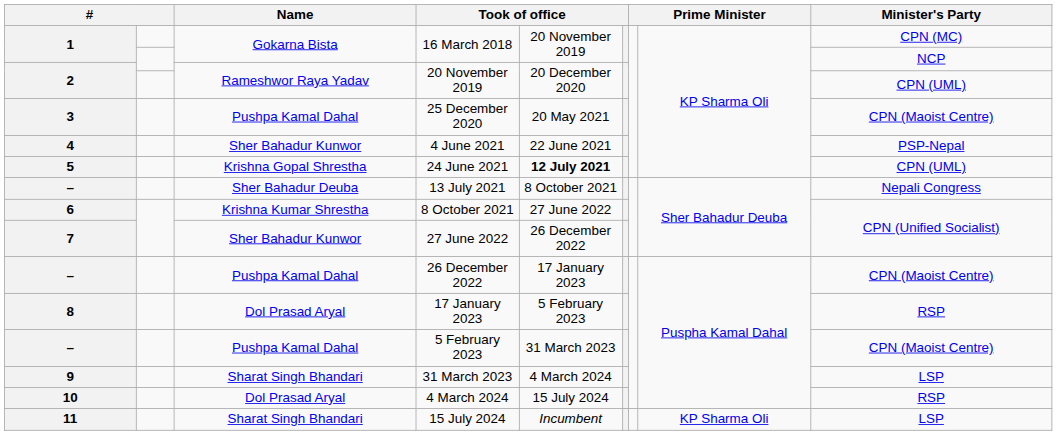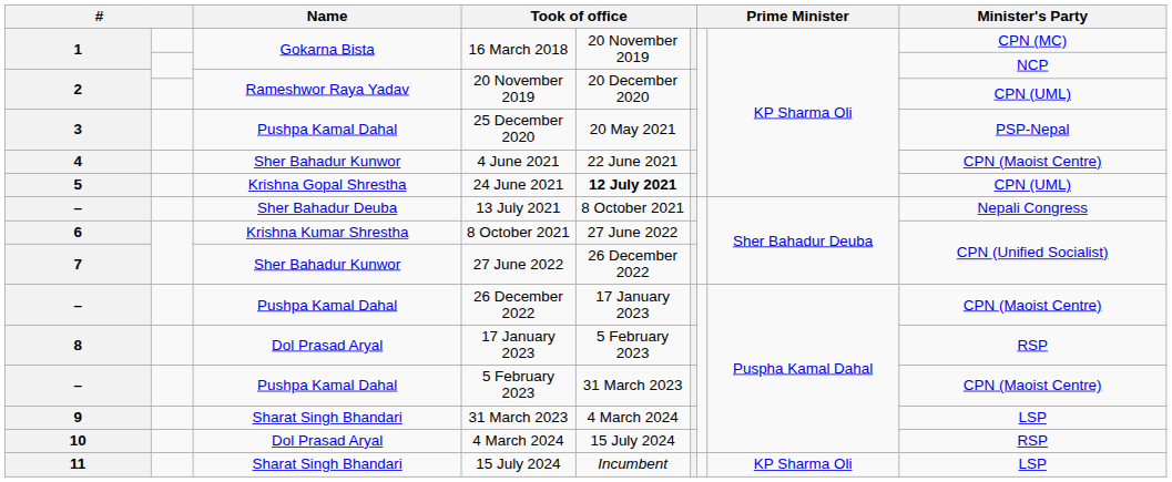 <table class="wikitable"  style="text-align:center">
 <tr>
 <th width=280px colspan="2">#</th>
 <th width=280px>Name</th>
 <th width=280px colspan="3">Took of office</th>
 <th width=280px colspan="2">Prime Minister</th>
 <th width=280px>Minister's Party</th>
 </tr>
 <tr>
 <th rowspan="2">1</th>
 <td style="background-color: "></td>
 <td rowspan="2"><a href='#'>Gokarna Bista</a><br></td>
 <td rowspan="2">16 March 2018</td>
 <td rowspan="2">20 November 2019</td>
 <th rowspan="2"></th>
 <td rowspan="7" style="background-color: "></td>
 <td rowspan="7"><a href='#'>KP Sharma Oli</a></td>
 <td><a href='#'>CPN (MC)</a></td>
 </tr>
 <tr>
 <td rowspan="2"></td>
 <td rowspan="2"><a href='#'>NCP</a></td>
 </tr>
 <tr>
 <th rowspan="2">2</th>
 <td rowspan="2"><a href='#'>Rameshwor Raya Yadav</a><br></td>
 <td rowspan="2">20 November 2019</td>
 <td rowspan="2">20 December 2020</td>
 <th rowspan="2"></th>
 </tr>
 <tr>
 <td style="background-color: "></td>
 <td><a href='#'>CPN (UML)</a></td>
 </tr>
 <tr>
 <th>3</th>
 <td style="background-color: "></td>
 <td><a href='#'>Pushpa Kamal Dahal</a><br></td>
 <td>25 December 2020</td>
 <td>20 May 2021</td>
 <th></th>
-<td><a href='#'>CPN (Maoist Centre)</a></td>
+<td><a href='#'>PSP-Nepal</a></td>
 </tr>
 <tr>
 <th>4</th>
 <td></td>
 <td><a href='#'>Sher Bahadur Kunwor</a><br></td>
 <td>4 June 2021</td>
 <td>22 June 2021</td>
 <th></th>
-<td><a href='#'>PSP-Nepal</a></td>
+<td><a href='#'>CPN (Maoist Centre)</a></td>
 </tr>
 <tr>
 <th>5</th>
 <td style="background-color: "></td>
 <td><a href='#'>Krishna Gopal Shrestha</a><br></td>
 <td>24 June 2021</td>
 <td><strong>12 July 2021</strong></td>
 <th></th>
 <td><a href='#'>CPN (UML)</a></td>
 </tr>
 <tr>
 <th>–</th>
 <td style="background-color: "></td>
 <td><a href='#'>Sher Bahadur Deuba</a><br></td>
 <td>13 July 2021</td>
 <td>8 October 2021</td>
 <th></th>
 <td rowspan="3" style="background-color: "></td>
 <td rowspan="3"><a href='#'>Sher Bahadur Deuba</a></td>
 <td><a href='#'>Nepali Congress</a></td>
 </tr>
 <tr>
 <th>6</th>
 <td rowspan="2" style="background-color: "></td>
 <td><a href='#'>Krishna Kumar Shrestha</a><br></td>
 <td>8 October 2021</td>
 <td>27 June 2022</td>
 <th></th>
 <td rowspan="2"><a href='#'>CPN (Unified Socialist)</a></td>
 </tr>
 <tr>
 <th>7</th>
 <td><a href='#'>Sher Bahadur Kunwor</a><br></td>
 <td>27 June 2022</td>
 <td>26 December 2022</td>
 <th></th>
 </tr>
 <tr>
 <th>–</th>
 <td style="background-color: "></td>
 <td><a href='#'>Pushpa Kamal Dahal</a><br></td>
 <td>26 December 2022</td>
 <td>17 January 2023</td>
 <th></th>
 <td rowspan="5" style="background-color: "></td>
 <td rowspan="5"><a href='#'>Puspha Kamal Dahal</a></td>
 <td><a href='#'>CPN (Maoist Centre)</a></td>
 </tr>
 <tr>
 <th>8</th>
 <td style="background-color: "></td>
 <td><a href='#'>Dol Prasad Aryal</a><br></td>
 <td>17 January 2023</td>
 <td>5 February 2023</td>
 <th></th>
 <td><a href='#'>RSP</a></td>
 </tr>
 <tr>
 <th>–</th>
 <td style="background-color: "></td>
 <td><a href='#'>Pushpa Kamal Dahal</a><br></td>
 <td>5 February 2023</td>
 <td>31 March 2023</td>
 <th></th>
 <td><a href='#'>CPN (Maoist Centre)</a></td>
 </tr>
 <tr>
 <th>9</th>
 <td></td>
 <td><a href='#'>Sharat Singh Bhandari</a><br></td>
 <td>31 March 2023</td>
 <td>4 March 2024</td>
 <th></th>
 <td><a href='#'>LSP</a></td>
 </tr>
 <tr>
 <th>10</th>
 <td style="background-color: "></td>
 <td><a href='#'>Dol Prasad Aryal</a><br></td>
 <td>4 March 2024</td>
 <td>15 July 2024</td>
 <th></th>
 <td><a href='#'>RSP</a></td>
 </tr>
 <tr>
 <th>11</th>
 <td style="background-color: "></td>
 <td><a href='#'>Sharat Singh Bhandari</a><br></td>
 <td>15 July 2024</td>
 <td><em>Incumbent</em></td>
 <th></th>
 <td rowspan="1" style="background-color: "></td>
 <td rowspan="1"><a href='#'>KP Sharma Oli</a></td>
 <td><a href='#'>LSP</a></td>
 </tr>
 </table>
